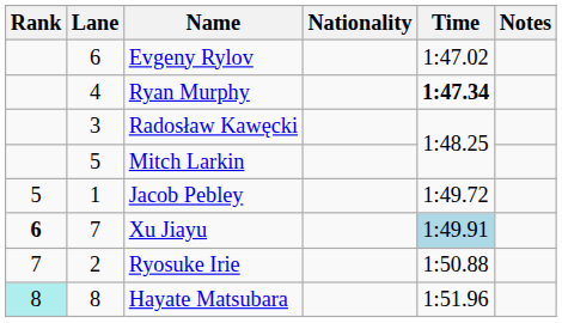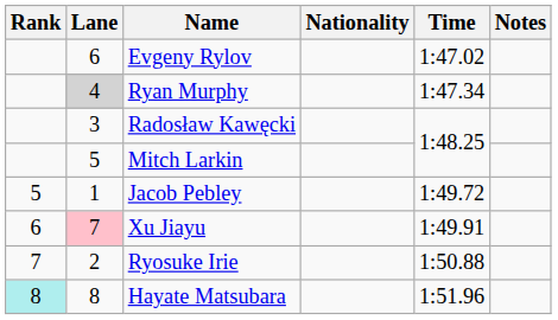 <table class="wikitable sortable" style="text-align:center">
 <tr>
 <th>Rank</th>
 <th>Lane</th>
 <th>Name</th>
 <th>Nationality</th>
 <th>Time</th>
 <th>Notes</th>
 </tr>
 <tr>
 <td></td>
 <td>6</td>
 <td align=left><a href='#'>Evgeny Rylov</a></td>
 <td align=left></td>
 <td>1:47.02</td>
 <td></td>
 </tr>
 <tr>
 <td></td>
-<td>4</td>
+<td style="background: lightgrey;">4</td>
 <td align=left><a href='#'>Ryan Murphy</a></td>
 <td align=left></td>
-<td><strong>1:47.34</strong></td>
+<td>1:47.34</td>
 <td></td>
 </tr>
 <tr>
 <td></td>
 <td>3</td>
 <td align=left><a href='#'>Radosław Kawęcki</a></td>
 <td align=left></td>
 <td rowspan=2>1:48.25</td>
 <td></td>
 </tr>
 <tr>
 <td></td>
 <td>5</td>
 <td align=left><a href='#'>Mitch Larkin</a></td>
 <td align=left></td>
 <td></td>
 </tr>
 <tr>
 <td>5</td>
 <td>1</td>
 <td align=left><a href='#'>Jacob Pebley</a></td>
 <td align=left></td>
 <td>1:49.72</td>
 <td></td>
 </tr>
 <tr>
-<td><strong>6</strong></td>
-<td>7</td>
+<td>6</td>
+<td style="background: pink;">7</td>
 <td align=left><a href='#'>Xu Jiayu</a></td>
 <td align=left></td>
-<td style="background: lightblue;">1:49.91</td>
+<td>1:49.91</td>
 <td></td>
 </tr>
 <tr>
 <td>7</td>
 <td>2</td>
 <td align=left><a href='#'>Ryosuke Irie</a></td>
 <td align=left></td>
 <td>1:50.88</td>
 <td></td>
 </tr>
 <tr>
 <td style="background: paleturquoise;">8</td>
 <td>8</td>
 <td align=left><a href='#'>Hayate Matsubara</a></td>
 <td align=left></td>
 <td>1:51.96</td>
 <td></td>
 </tr>
 </table>
